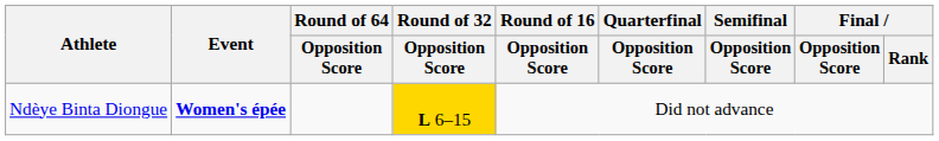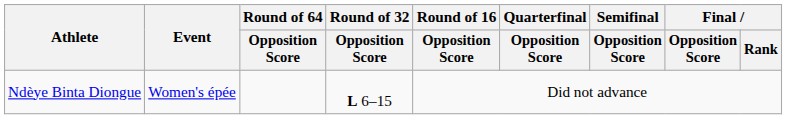 <table class="wikitable" style="font-size:90%">
 <tr>
 <th rowspan="2">Athlete</th>
 <th rowspan="2">Event</th>
 <th>Round of 64</th>
 <th>Round of 32</th>
 <th>Round of 16</th>
 <th>Quarterfinal</th>
 <th>Semifinal</th>
 <th colspan=2>Final / </th>
 </tr>
 <tr style="font-size:95%">
 <th>Opposition <br> Score</th>
 <th>Opposition <br> Score</th>
 <th>Opposition <br> Score</th>
 <th>Opposition <br> Score</th>
 <th>Opposition <br> Score</th>
 <th>Opposition <br> Score</th>
 <th>Rank</th>
 </tr>
 <tr align=center>
 <td align=left><a href='#'>Ndèye Binta Diongue</a></td>
-<td align=left><strong><a href='#'>Women's épée</a></strong></td>
+<td align=left><a href='#'>Women's épée</a></td>
 <td></td>
-<td style="background: gold;"><br><strong>L</strong> 6–15</td>
+<td><br><strong>L</strong> 6–15</td>
 <td colspan=5>Did not advance</td>
 </tr>
 </table>
